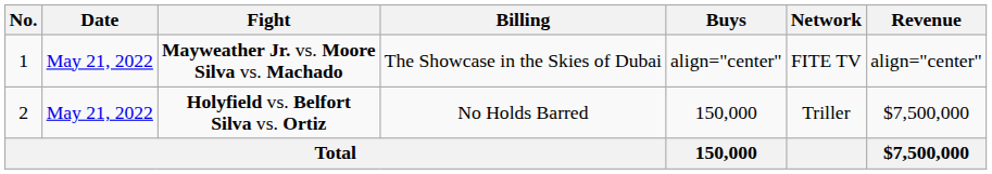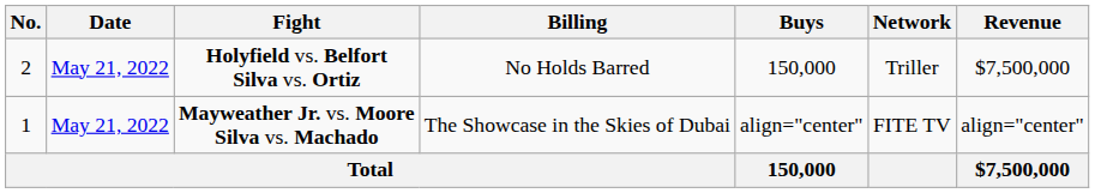 <table class="wikitable sortable">
 <tr>
 <th>No.</th>
 <th>Date</th>
 <th>Fight</th>
 <th>Billing</th>
 <th>Buys</th>
 <th>Network</th>
 <th>Revenue</th>
 </tr>
 <tr>
+<td align="center">2</td>
+<td align="center"><a href='#'>May 21, 2022</a></td>
+<td align="center"><strong>Holyfield</strong> vs. <strong>Belfort</strong> <br> <strong>Silva</strong> vs. <strong>Ortiz</strong></td>
+<td align="center">No Holds Barred</td>
+<td align="center">150,000</td>
+<td align="center">Triller</td>
+<td align="center">$7,500,000</td>
+</tr>
+<tr>
 <td align="center">1</td>
 <td align="center"><a href='#'>May 21, 2022</a></td>
 <td align="center"><strong>Mayweather Jr.</strong> vs. <strong>Moore</strong> <br> <strong>Silva</strong> vs. <strong>Machado</strong></td>
 <td align="center">The Showcase in the Skies of Dubai</td>
 <td>align="center" </td>
 <td align="center">FITE TV</td>
 <td>align="center"  </td>
 </tr>
 <tr>
-<td align="center">2</td>
-<td align="center"><a href='#'>May 21, 2022</a></td>
-<td align="center"><strong>Holyfield</strong> vs. <strong>Belfort</strong> <br> <strong>Silva</strong> vs. <strong>Ortiz</strong></td>
-<td align="center">No Holds Barred</td>
-<td align="center">150,000</td>
-<td align="center">Triller</td>
-<td align="center">$7,500,000</td>
-</tr>
-<tr>
 <th colspan="4">Total</th>
 <th>150,000</th>
 <th></th>
 <th>$7,500,000</th>
 </tr>
 </table>
